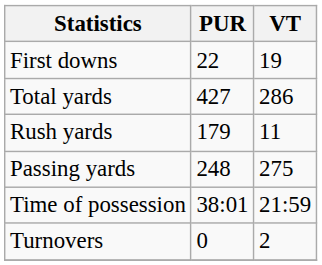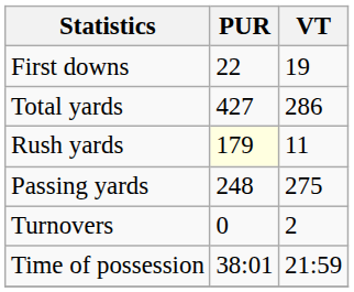 <table class="wikitable" style="float: left;">
 <tr>
 <th>Statistics</th>
 <th>PUR</th>
 <th>VT</th>
 </tr>
 <tr>
 <td>First downs</td>
 <td>22</td>
 <td>19</td>
 </tr>
 <tr>
 <td>Total yards</td>
 <td>427</td>
 <td>286</td>
 </tr>
 <tr>
 <td>Rush yards</td>
-<td>179</td>
+<td style="background: lightyellow;">179</td>
 <td>11</td>
 </tr>
 <tr>
 <td>Passing yards</td>
 <td>248</td>
 <td>275</td>
 </tr>
 <tr>
+<td>Turnovers</td>
+<td>0</td>
+<td>2</td>
+</tr>
+<tr>
 <td>Time of possession</td>
 <td>38:01</td>
 <td>21:59</td>
 </tr>
 <tr>
-<td>Turnovers</td>
-<td>0</td>
-<td>2</td>
-</tr>
-<tr>
 </tr>
 </table>
